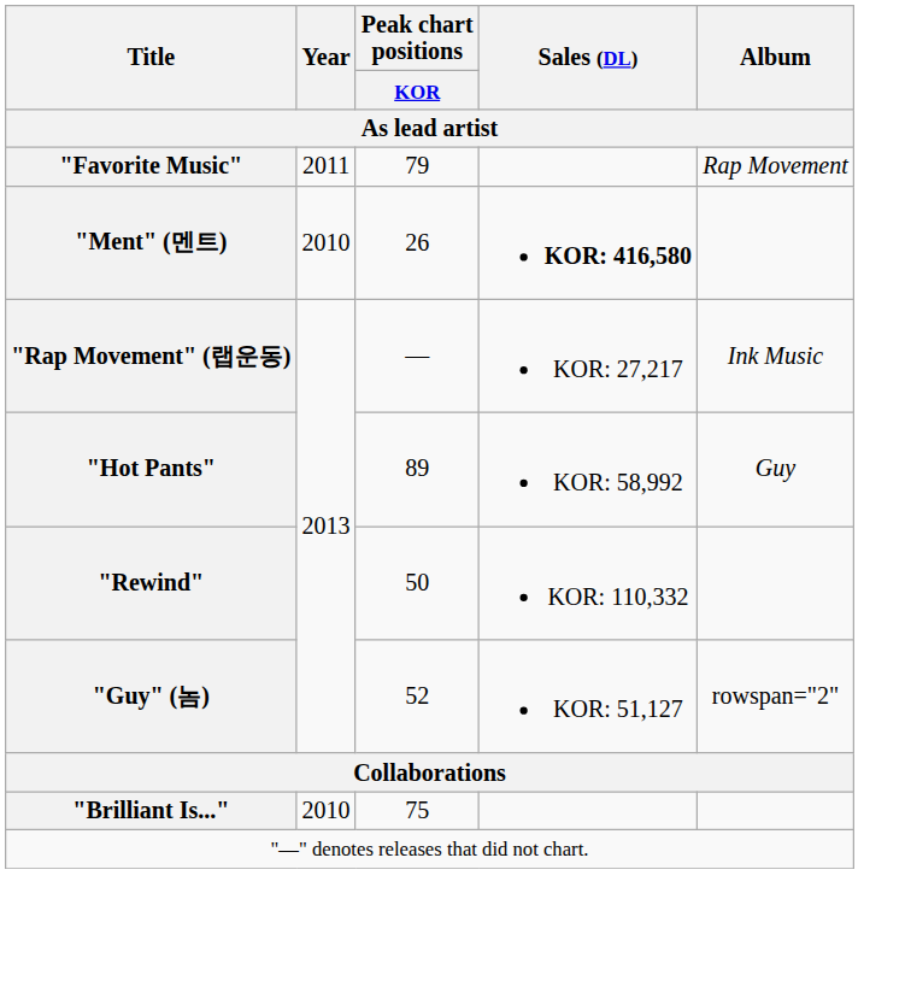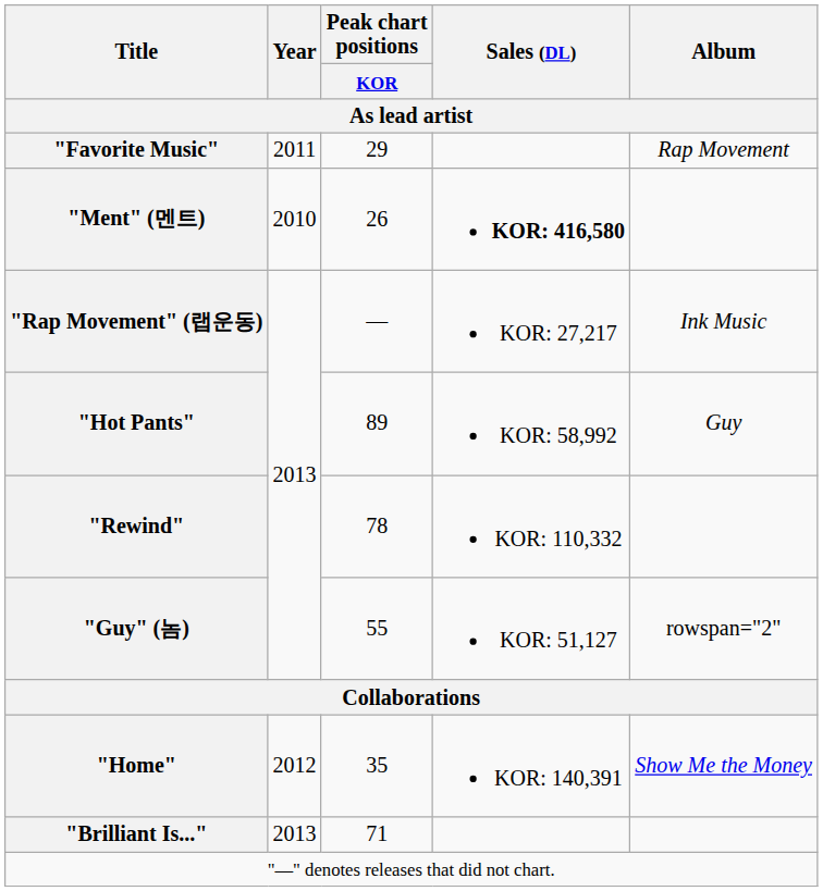 <table class="wikitable plainrowheaders" style="text-align:center;">
 <tr>
 <th scope="col" rowspan="2">Title</th>
 <th scope="col" rowspan="2">Year</th>
 <th scope="col" colspan="1">Peak chart <br> positions</th>
 <th scope="col" rowspan="2">Sales <small>(<a href='#'>DL</a>)</small></th>
 <th scope="col" rowspan="2">Album</th>
 </tr>
 <tr>
 <th><small><a href='#'>KOR</a></small><br></th>
 </tr>
 <tr>
 <th scope="col" colspan="5">As lead artist</th>
 </tr>
 <tr>
 <th scope="row">"Favorite Music"<br></th>
 <td>2011</td>
-<td>79</td>
+<td>29</td>
 <td></td>
 <td><em>Rap Movement</em></td>
 </tr>
 <tr>
 <th scope="row">"Ment" (멘트)<br></th>
 <td>2010</td>
 <td>26</td>
 <td><strong><br><ul><li>KOR: 416,580</li></ul></strong></td>
 <td></td>
 </tr>
 <tr>
 <th scope="row">"Rap Movement" (랩운동)</th>
 <td rowspan="4">2013</td>
 <td>—</td>
 <td><br><ul><li>KOR: 27,217</li></ul></td>
 <td><em>Ink Music</em></td>
 </tr>
 <tr>
 <th scope="row">"Hot Pants"</th>
 <td>89</td>
 <td><br><ul><li>KOR: 58,992</li></ul></td>
 <td><em>Guy</em></td>
 </tr>
 <tr>
 <th scope="row">"Rewind"<br></th>
-<td>50</td>
+<td>78</td>
 <td><br><ul><li>KOR: 110,332</li></ul></td>
 </tr>
 <tr>
 <th scope="row">"Guy" (놈)<br></th>
-<td>52</td>
+<td>55</td>
 <td><br><ul><li>KOR: 51,127</li></ul></td>
 <td>rowspan="2" </td>
 </tr>
 <tr>
 <th scope="col" colspan="5">Collaborations</th>
 </tr>
 <tr>
+<th scope="row">"Home"<br></th>
+<td>2012</td>
+<td>35</td>
+<td><br><ul><li>KOR: 140,391</li></ul></td>
+<td><em><a href='#'>Show Me the Money</a></em></td>
+</tr>
+<tr>
 <th scope="row">"Brilliant Is..."<br></th>
-<td>2010</td>
-<td>75</td>
+<td>2013</td>
+<td>71</td>
 <td></td>
 <td></td>
 </tr>
 <tr>
 <td colspan="5" align="center"><small>"—" denotes releases that did not chart.</small></td>
 </tr>
 </table>
